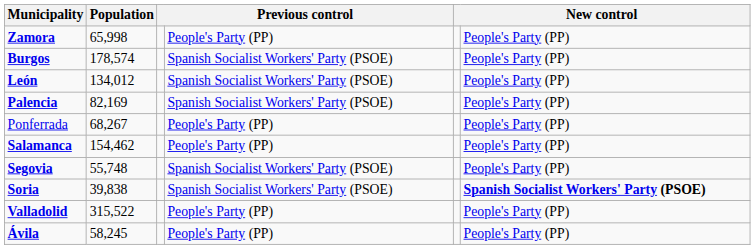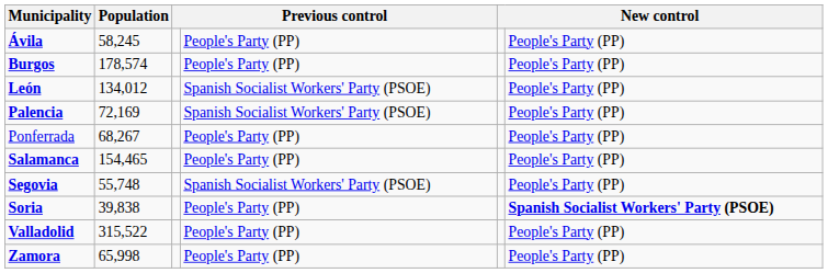 <table class="wikitable sortable">
 <tr>
 <th>Municipality</th>
 <th>Population</th>
 <th colspan="2" style="width:375px;">Previous control</th>
 <th colspan="2" style="width:375px;">New control</th>
 </tr>
 <tr>
-<td><strong><a href='#'>Zamora</a></strong></td>
-<td>65,998</td>
-<td style="color:inherit;background:"></td>
+<td><strong><a href='#'>Ávila</a></strong></td>
+<td>58,245</td>
+<td width="1" style="color:inherit;background:"></td>
 <td><a href='#'>People's Party</a> (PP)</td>
-<td style="color:inherit;background:"></td>
+<td width="1" style="color:inherit;background:"></td>
 <td><a href='#'>People's Party</a> (PP)</td>
 </tr>
 <tr>
 <td><strong><a href='#'>Burgos</a></strong></td>
 <td>178,574</td>
 <td style="color:inherit;background:"></td>
-<td><a href='#'>Spanish Socialist Workers' Party</a> (PSOE)</td>
+<td><a href='#'>People's Party</a> (PP)</td>
 <td style="color:inherit;background:"></td>
 <td><a href='#'>People's Party</a> (PP)</td>
 </tr>
 <tr>
 <td><strong><a href='#'>León</a></strong></td>
 <td>134,012</td>
 <td style="color:inherit;background:"></td>
 <td><a href='#'>Spanish Socialist Workers' Party</a> (PSOE)</td>
 <td style="color:inherit;background:"></td>
 <td><a href='#'>People's Party</a> (PP)</td>
 </tr>
 <tr>
 <td><strong><a href='#'>Palencia</a></strong></td>
-<td>82,169</td>
+<td>72,169</td>
 <td style="color:inherit;background:"></td>
 <td><a href='#'>Spanish Socialist Workers' Party</a> (PSOE)</td>
 <td style="color:inherit;background:"></td>
 <td><a href='#'>People's Party</a> (PP)</td>
 </tr>
 <tr>
 <td><a href='#'>Ponferrada</a></td>
 <td>68,267</td>
 <td style="color:inherit;background:"></td>
 <td><a href='#'>People's Party</a> (PP)</td>
 <td style="color:inherit;background:"></td>
 <td><a href='#'>People's Party</a> (PP) </td>
 </tr>
 <tr>
 <td><strong><a href='#'>Salamanca</a></strong></td>
-<td>154,462</td>
+<td>154,465</td>
 <td style="color:inherit;background:"></td>
 <td><a href='#'>People's Party</a> (PP)</td>
 <td style="color:inherit;background:"></td>
 <td><a href='#'>People's Party</a> (PP)</td>
 </tr>
 <tr>
 <td><strong><a href='#'>Segovia</a></strong></td>
 <td>55,748</td>
 <td style="color:inherit;background:"></td>
 <td><a href='#'>Spanish Socialist Workers' Party</a> (PSOE)</td>
 <td style="color:inherit;background:"></td>
 <td><a href='#'>People's Party</a> (PP)</td>
 </tr>
 <tr>
 <td><strong><a href='#'>Soria</a></strong></td>
 <td>39,838</td>
 <td style="color:inherit;background:"></td>
-<td><a href='#'>Spanish Socialist Workers' Party</a> (PSOE)</td>
+<td><a href='#'>People's Party</a> (PP)</td>
 <td style="color:inherit;background:"></td>
 <td><strong><a href='#'>Spanish Socialist Workers' Party</a> (PSOE)</strong></td>
 </tr>
 <tr>
 <td><strong><a href='#'>Valladolid</a></strong></td>
 <td>315,522</td>
 <td style="color:inherit;background:"></td>
 <td><a href='#'>People's Party</a> (PP)</td>
 <td style="color:inherit;background:"></td>
 <td><a href='#'>People's Party</a> (PP)</td>
 </tr>
 <tr>
-<td><strong><a href='#'>Ávila</a></strong></td>
-<td>58,245</td>
-<td width="1" style="color:inherit;background:"></td>
+<td><strong><a href='#'>Zamora</a></strong></td>
+<td>65,998</td>
+<td style="color:inherit;background:"></td>
 <td><a href='#'>People's Party</a> (PP)</td>
-<td width="1" style="color:inherit;background:"></td>
+<td style="color:inherit;background:"></td>
 <td><a href='#'>People's Party</a> (PP)</td>
 </tr>
 </table>
